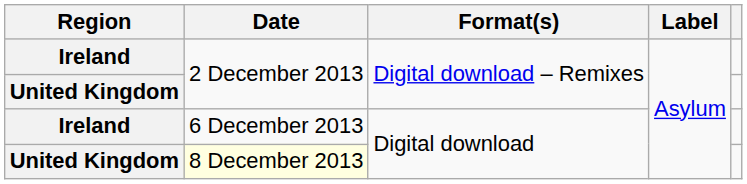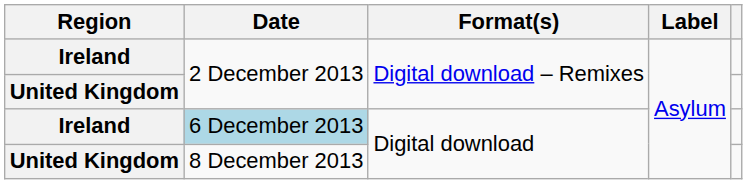 <table class="wikitable plainrowheaders">
 <tr>
 <th scope="col">Region</th>
 <th scope="col">Date</th>
 <th scope="col">Format(s)</th>
 <th scope="col">Label</th>
 <th scope="col"></th>
 </tr>
 <tr>
 <th scope="row">Ireland</th>
 <td rowspan="2">2 December 2013</td>
 <td rowspan="2"><a href='#'>Digital download</a> – Remixes</td>
 <td rowspan="5"><a href='#'>Asylum</a></td>
 <td align="center"></td>
 </tr>
 <tr>
 <th scope="row">United Kingdom</th>
 <td align="center"></td>
 </tr>
 <tr>
 <th scope="row">Ireland</th>
-<td>6 December 2013</td>
+<td style="background: lightblue;">6 December 2013</td>
 <td rowspan="2">Digital download</td>
 <td align="center"></td>
 </tr>
 <tr>
 <th scope="row">United Kingdom</th>
-<td style="background: lightyellow;">8 December 2013</td>
+<td>8 December 2013</td>
 <td align="center"></td>
 </tr>
 </table>
